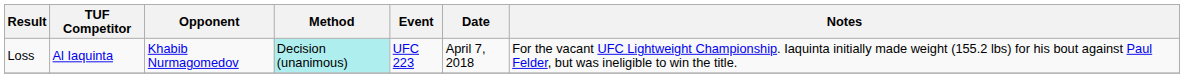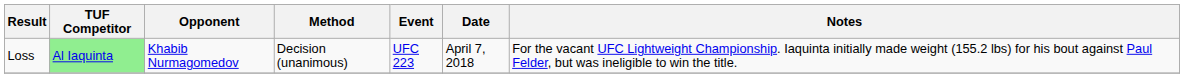 <table class="wikitable sortable" style="font-size:85%; text-align:left; width:99%;">
 <tr>
 <th>Result</th>
 <th>TUF Competitor</th>
 <th>Opponent</th>
 <th>Method</th>
 <th>Event</th>
 <th>Date</th>
 <th>Notes</th>
 </tr>
 <tr>
 <td>Loss</td>
-<td><a href='#'>Al Iaquinta</a></td>
+<td style="background: lightgreen;"><a href='#'>Al Iaquinta</a></td>
 <td><a href='#'>Khabib Nurmagomedov</a></td>
-<td style="background: paleturquoise;">Decision (unanimous)</td>
+<td>Decision (unanimous)</td>
 <td><a href='#'>UFC 223</a></td>
 <td>April 7, 2018</td>
 <td>For the vacant <a href='#'>UFC Lightweight Championship</a>. Iaquinta initially made weight (155.2 lbs) for his bout against <a href='#'>Paul Felder</a>, but was ineligible to win the title.</td>
 </tr>
 <tr>
 </tr>
 </table>
